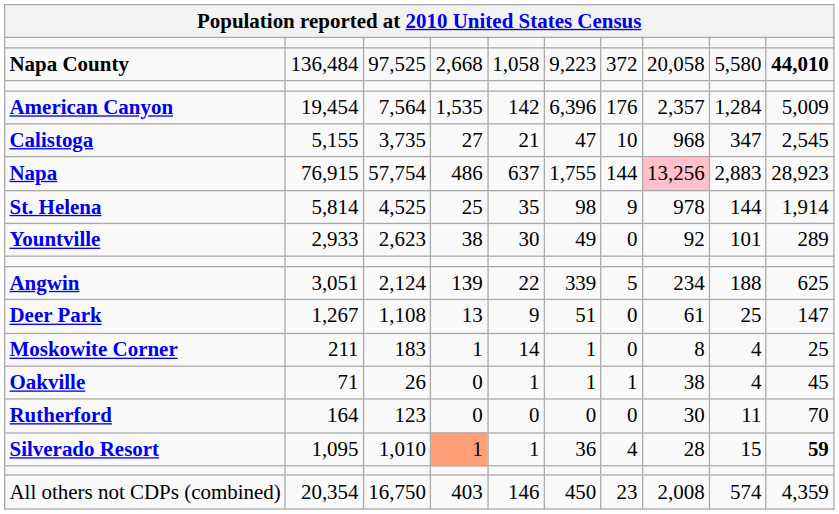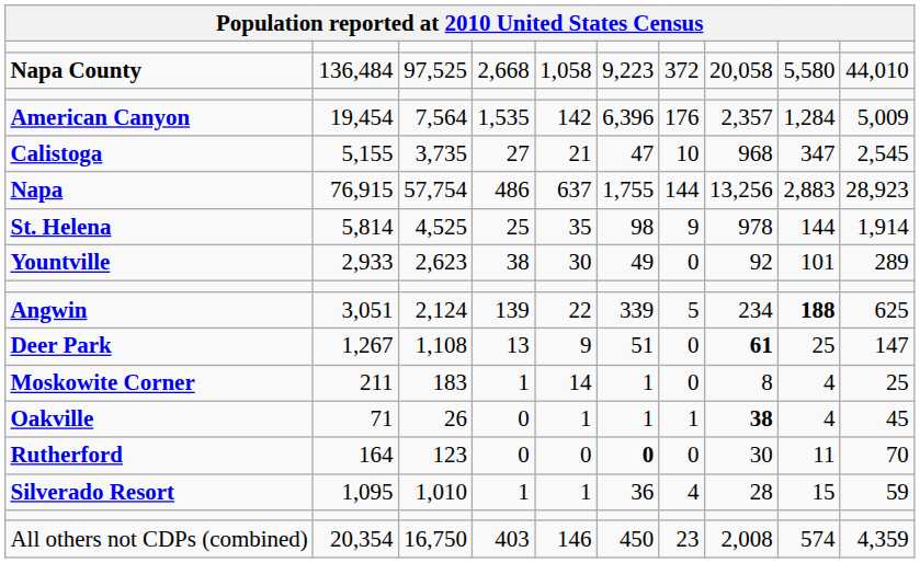 <table class="wikitable collapsible collapsed">
 <tr>
 <th colspan=10>Population reported at <a href='#'>2010 United States Census</a></th>
 </tr>
 <tr>
 <td></td>
 <td></td>
 <td></td>
 <td></td>
 <td></td>
 <td></td>
 <td></td>
 <td></td>
 <td></td>
 <td></td>
 </tr>
 <tr>
 <td><strong> Napa County</strong></td>
 <td align="right">136,484</td>
 <td align="right">97,525</td>
 <td align="right">2,668</td>
 <td align="right">1,058</td>
 <td align="right">9,223</td>
 <td align="right">372</td>
 <td align="right">20,058</td>
 <td align="right">5,580</td>
-<td align="right"><strong>44,010</strong></td>
+<td align="right">44,010</td>
 </tr>
 <tr>
 <td></td>
 <td></td>
 <td></td>
 <td></td>
 <td></td>
 <td></td>
 <td></td>
 <td></td>
 <td></td>
 <td></td>
 </tr>
 <tr>
 <td><strong><a href='#'>American Canyon</a></strong></td>
 <td align="right">19,454</td>
 <td align="right">7,564</td>
 <td align="right">1,535</td>
 <td align="right">142</td>
 <td align="right">6,396</td>
 <td align="right">176</td>
 <td align="right">2,357</td>
 <td align="right">1,284</td>
 <td align="right">5,009</td>
 </tr>
 <tr>
 <td><strong><a href='#'>Calistoga</a></strong></td>
 <td align="right">5,155</td>
 <td align="right">3,735</td>
 <td align="right">27</td>
 <td align="right">21</td>
 <td align="right">47</td>
 <td align="right">10</td>
 <td align="right">968</td>
 <td align="right">347</td>
 <td align="right">2,545</td>
 </tr>
 <tr>
 <td><strong><a href='#'>Napa</a></strong></td>
 <td align="right">76,915</td>
 <td align="right">57,754</td>
 <td align="right">486</td>
 <td align="right">637</td>
 <td align="right">1,755</td>
 <td align="right">144</td>
-<td align="right" style="background: pink;">13,256</td>
+<td align="right">13,256</td>
 <td align="right">2,883</td>
 <td align="right">28,923</td>
 </tr>
 <tr>
 <td><strong><a href='#'>St. Helena</a></strong></td>
 <td align="right">5,814</td>
 <td align="right">4,525</td>
 <td align="right">25</td>
 <td align="right">35</td>
 <td align="right">98</td>
 <td align="right">9</td>
 <td align="right">978</td>
 <td align="right">144</td>
 <td align="right">1,914</td>
 </tr>
 <tr>
 <td><strong><a href='#'>Yountville</a></strong></td>
 <td align="right">2,933</td>
 <td align="right">2,623</td>
 <td align="right">38</td>
 <td align="right">30</td>
 <td align="right">49</td>
 <td align="right">0</td>
 <td align="right">92</td>
 <td align="right">101</td>
 <td align="right">289</td>
 </tr>
 <tr>
 <td></td>
 <td></td>
 <td></td>
 <td></td>
 <td></td>
 <td></td>
 <td></td>
 <td></td>
 <td></td>
 <td></td>
 </tr>
 <tr>
 <td><strong><a href='#'>Angwin</a></strong></td>
 <td align="right">3,051</td>
 <td align="right">2,124</td>
 <td align="right">139</td>
 <td align="right">22</td>
 <td align="right">339</td>
 <td align="right">5</td>
 <td align="right">234</td>
-<td align="right">188</td>
+<td align="right"><strong>188</strong></td>
 <td align="right">625</td>
 </tr>
 <tr>
 <td><strong><a href='#'>Deer Park</a></strong></td>
 <td align="right">1,267</td>
 <td align="right">1,108</td>
 <td align="right">13</td>
 <td align="right">9</td>
 <td align="right">51</td>
 <td align="right">0</td>
-<td align="right">61</td>
+<td align="right"><strong>61</strong></td>
 <td align="right">25</td>
 <td align="right">147</td>
 </tr>
 <tr>
 <td><strong><a href='#'>Moskowite Corner</a></strong></td>
 <td align="right">211</td>
 <td align="right">183</td>
 <td align="right">1</td>
 <td align="right">14</td>
 <td align="right">1</td>
 <td align="right">0</td>
 <td align="right">8</td>
 <td align="right">4</td>
 <td align="right">25</td>
 </tr>
 <tr>
 <td><strong><a href='#'>Oakville</a></strong></td>
 <td align="right">71</td>
 <td align="right">26</td>
 <td align="right">0</td>
 <td align="right">1</td>
 <td align="right">1</td>
 <td align="right">1</td>
-<td align="right">38</td>
+<td align="right"><strong>38</strong></td>
 <td align="right">4</td>
 <td align="right">45</td>
 </tr>
 <tr>
 <td><strong><a href='#'>Rutherford</a></strong></td>
 <td align="right">164</td>
 <td align="right">123</td>
 <td align="right">0</td>
 <td align="right">0</td>
-<td align="right">0</td>
+<td align="right"><strong>0</strong></td>
 <td align="right">0</td>
 <td align="right">30</td>
 <td align="right">11</td>
 <td align="right">70</td>
 </tr>
 <tr>
 <td><strong><a href='#'>Silverado Resort</a></strong></td>
 <td align="right">1,095</td>
 <td align="right">1,010</td>
-<td align="right" style="background: lightsalmon;">1</td>
+<td align="right">1</td>
 <td align="right">1</td>
 <td align="right">36</td>
 <td align="right">4</td>
 <td align="right">28</td>
 <td align="right">15</td>
-<td align="right"><strong>59</strong></td>
+<td align="right">59</td>
 </tr>
 <tr>
 <td></td>
 <td></td>
 <td></td>
 <td></td>
 <td></td>
 <td></td>
 <td></td>
 <td></td>
 <td></td>
 <td></td>
 </tr>
 <tr>
 <td>All others not CDPs (combined)</td>
 <td align="right">20,354</td>
 <td align="right">16,750</td>
 <td align="right">403</td>
 <td align="right">146</td>
 <td align="right">450</td>
 <td align="right">23</td>
 <td align="right">2,008</td>
 <td align="right">574</td>
 <td align="right">4,359</td>
 </tr>
 </table>
